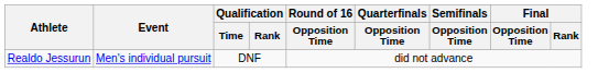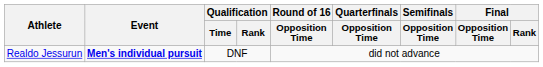 <table class="wikitable" style="font-size:90%">
 <tr>
 <th rowspan="2">Athlete</th>
 <th rowspan="2">Event</th>
 <th colspan=2>Qualification</th>
 <th>Round of 16</th>
 <th>Quarterfinals</th>
 <th>Semifinals</th>
 <th colspan=2>Final</th>
 </tr>
 <tr style="font-size:95%">
 <th>Time</th>
 <th>Rank</th>
 <th>Opposition<br>Time</th>
 <th>Opposition<br>Time</th>
 <th>Opposition<br>Time</th>
 <th>Opposition<br>Time</th>
 <th>Rank</th>
 </tr>
 <tr align=center>
 <td align=left><a href='#'>Realdo Jessurun</a></td>
-<td align=left><a href='#'>Men's individual pursuit</a></td>
+<td align=left><strong><a href='#'>Men's individual pursuit</a></strong></td>
 <td colspan=2>DNF</td>
 <td colspan=6>did not advance</td>
 </tr>
 </table>
